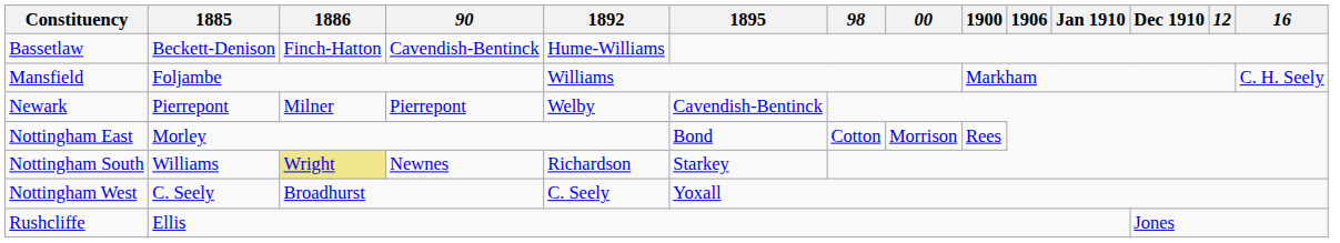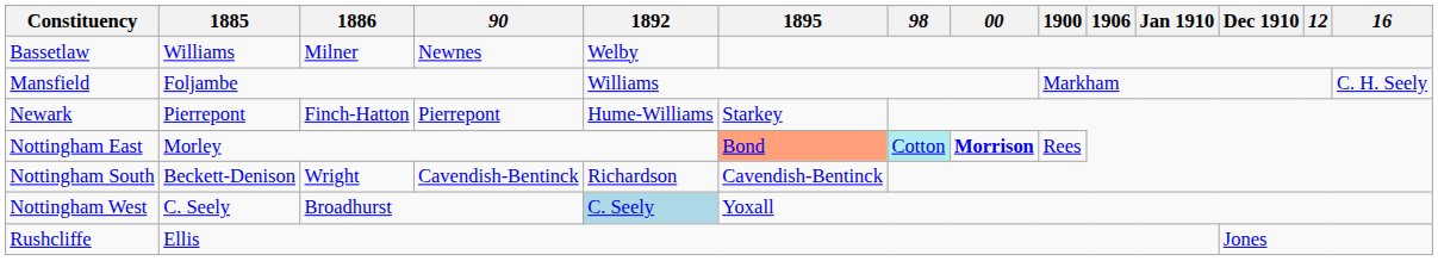 <table class="wikitable">
 <tr>
 <th>Constituency</th>
 <th>1885</th>
 <th>1886</th>
 <th><em>90</em></th>
 <th>1892</th>
 <th>1895</th>
 <th><em>98</em></th>
 <th><em>00</em></th>
 <th>1900</th>
 <th>1906</th>
 <th>Jan 1910</th>
 <th>Dec 1910</th>
 <th><em>12</em></th>
 <th><em>16</em></th>
 </tr>
 <tr>
 <td><a href='#'>Bassetlaw</a></td>
-<td><a href='#'>Beckett-Denison</a></td>
-<td><a href='#'>Finch-Hatton</a></td>
-<td><a href='#'>Cavendish-Bentinck</a></td>
-<td><a href='#'>Hume-Williams</a></td>
+<td><a href='#'>Williams</a></td>
+<td><a href='#'>Milner</a></td>
+<td><a href='#'>Newnes</a></td>
+<td><a href='#'>Welby</a></td>
 </tr>
 <tr>
 <td><a href='#'>Mansfield</a></td>
 <td colspan="3"><a href='#'>Foljambe</a></td>
 <td colspan="4"><a href='#'>Williams</a></td>
 <td colspan="5"><a href='#'>Markham</a></td>
 <td><a href='#'>C. H. Seely</a></td>
 </tr>
 <tr>
 <td><a href='#'>Newark</a></td>
 <td><a href='#'>Pierrepont</a></td>
-<td><a href='#'>Milner</a></td>
+<td><a href='#'>Finch-Hatton</a></td>
 <td><a href='#'>Pierrepont</a></td>
-<td><a href='#'>Welby</a></td>
-<td><a href='#'>Cavendish-Bentinck</a></td>
+<td><a href='#'>Hume-Williams</a></td>
+<td><a href='#'>Starkey</a></td>
 </tr>
 <tr>
 <td><a href='#'>Nottingham East</a></td>
 <td colspan="4"><a href='#'>Morley</a></td>
-<td><a href='#'>Bond</a></td>
-<td><a href='#'>Cotton</a></td>
-<td><a href='#'>Morrison</a></td>
+<td style="background: lightsalmon;"><a href='#'>Bond</a></td>
+<td style="background: paleturquoise;"><a href='#'>Cotton</a></td>
+<td><strong><a href='#'>Morrison</a></strong></td>
 <td><a href='#'>Rees</a></td>
 </tr>
 <tr>
 <td><a href='#'>Nottingham South</a></td>
-<td><a href='#'>Williams</a></td>
-<td style="background: khaki;"><a href='#'>Wright</a></td>
-<td><a href='#'>Newnes</a></td>
+<td><a href='#'>Beckett-Denison</a></td>
+<td><a href='#'>Wright</a></td>
+<td><a href='#'>Cavendish-Bentinck</a></td>
 <td><a href='#'>Richardson</a></td>
-<td><a href='#'>Starkey</a></td>
+<td><a href='#'>Cavendish-Bentinck</a></td>
 </tr>
 <tr>
 <td><a href='#'>Nottingham West</a></td>
 <td><a href='#'>C. Seely</a></td>
 <td colspan="2"><a href='#'>Broadhurst</a></td>
-<td><a href='#'>C. Seely</a></td>
+<td style="background: lightblue;"><a href='#'>C. Seely</a></td>
 <td colspan="9"><a href='#'>Yoxall</a></td>
 </tr>
 <tr>
 <td><a href='#'>Rushcliffe</a></td>
 <td colspan="10"><a href='#'>Ellis</a></td>
 <td colspan="3"><a href='#'>Jones</a></td>
 </tr>
 </table>
